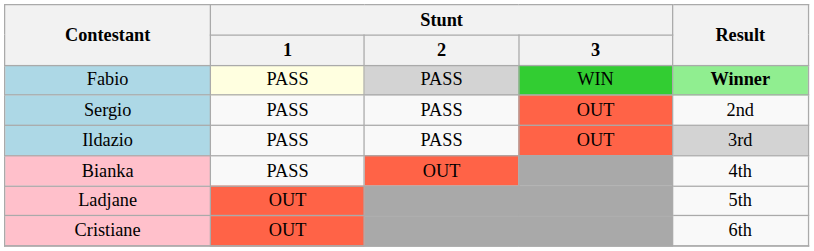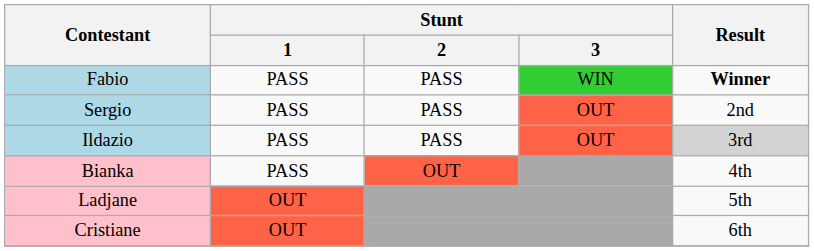 <table class="wikitable" style="font-size:90%; width:40%; text-align: center;">
 <tr>
 <th width="10%" rowspan=2>Contestant</th>
 <th width="24%" colspan=3>Stunt</th>
 <th width="06%" rowspan=2>Result</th>
 </tr>
 <tr>
 <th width="08%">1</th>
 <th width="08%">2</th>
 <th width="08%">3</th>
 </tr>
 <tr>
 <td bgcolor="ADD8E6">Fabio</td>
-<td style="background: lightyellow;">PASS</td>
-<td style="background: lightgrey;">PASS</td>
+<td>PASS</td>
+<td>PASS</td>
 <td bgcolor="32CD32">WIN</td>
-<td style="background: lightgreen;"><strong>Winner</strong></td>
+<td><strong>Winner</strong></td>
 </tr>
 <tr>
 <td bgcolor="ADD8E6">Sergio</td>
 <td>PASS</td>
 <td>PASS</td>
 <td bgcolor="FF6347">OUT</td>
 <td>2nd</td>
 </tr>
 <tr>
 <td bgcolor="ADD8E6">Ildazio</td>
 <td>PASS</td>
 <td>PASS</td>
 <td bgcolor="FF6347">OUT</td>
 <td style="background: lightgrey;">3rd</td>
 </tr>
 <tr>
 <td bgcolor="FFC0CB">Bianka</td>
 <td>PASS</td>
 <td bgcolor="FF6347">OUT</td>
 <td bgcolor="A9A9A9"></td>
 <td>4th</td>
 </tr>
 <tr>
 <td bgcolor="FFC0CB">Ladjane</td>
 <td bgcolor="FF6347">OUT</td>
 <td bgcolor="A9A9A9" colspan=2></td>
 <td>5th</td>
 </tr>
 <tr>
 <td bgcolor="FFC0CB">Cristiane</td>
 <td bgcolor="FF6347">OUT</td>
 <td bgcolor="A9A9A9" colspan=2></td>
 <td>6th</td>
 </tr>
 <tr>
 </tr>
 </table>
